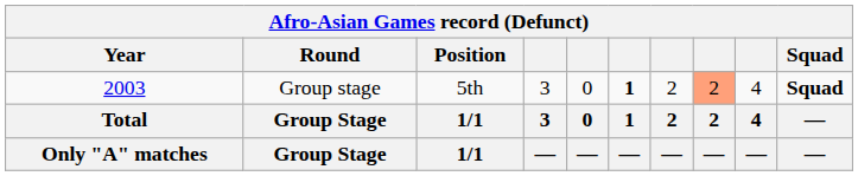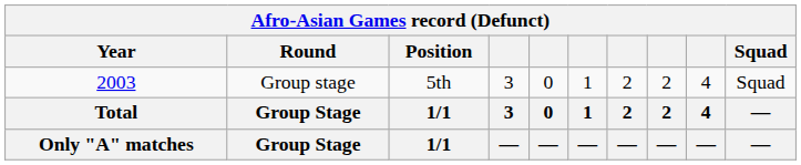 <table class="wikitable" style="text-align: center;">
 <tr>
 <th colspan=10><a href='#'>Afro-Asian Games</a> record (Defunct)</th>
 </tr>
 <tr>
 <th width="175">Year</th>
 <th width="125">Round</th>
 <th width="75">Position</th>
 <th width="25"></th>
 <th width="25"></th>
 <th width="25"></th>
 <th width="25"></th>
 <th width="25"></th>
 <th width="25"></th>
 <th width="50">Squad</th>
 </tr>
 <tr>
 <td> <a href='#'>2003</a></td>
 <td>Group stage</td>
 <td>5th</td>
 <td>3</td>
 <td>0</td>
-<td><strong>1</strong></td>
+<td>1</td>
 <td>2</td>
-<td style="background: lightsalmon;">2</td>
+<td>2</td>
 <td>4</td>
-<td><strong>Squad</strong></td>
+<td>Squad</td>
 </tr>
 <tr>
 <th>Total</th>
 <th>Group Stage</th>
 <th>1/1</th>
 <th>3</th>
 <th>0</th>
 <th>1</th>
 <th>2</th>
 <th>2</th>
 <th>4</th>
 <th>—</th>
 </tr>
 <tr>
 <th>Only "A" matches</th>
 <th>Group Stage</th>
 <th>1/1</th>
 <th>—</th>
 <th>—</th>
 <th>—</th>
 <th>—</th>
 <th>—</th>
 <th>—</th>
 <th>—</th>
 </tr>
 </table>
